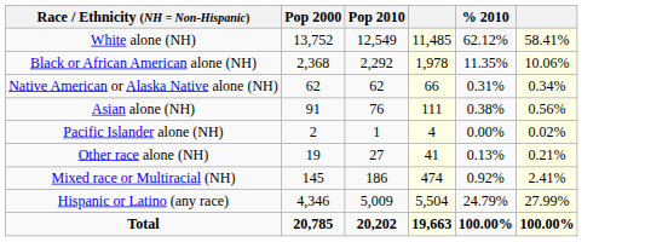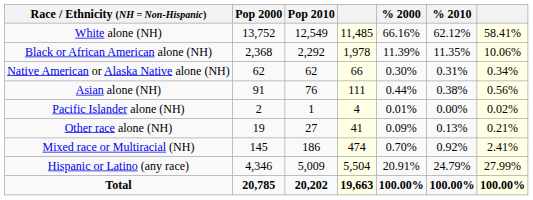 <table class="wikitable" style="text-align:center;">
 <tr>
 <th>Race / Ethnicity <small>(<em>NH = Non-Hispanic</em>)</small></th>
 <th>Pop 2000</th>
 <th>Pop 2010</th>
 <th></th>
+<th>% 2000</th>
 <th>% 2010</th>
 <th></th>
 </tr>
 <tr>
 <td><a href='#'>White</a> alone (NH)</td>
 <td>13,752</td>
 <td>12,549</td>
 <td style='background: #ffffe6;'>11,485</td>
+<td>66.16%</td>
 <td>62.12%</td>
 <td style='background: #ffffe6;'>58.41%</td>
 </tr>
 <tr>
 <td><a href='#'>Black or African American</a> alone (NH)</td>
 <td>2,368</td>
 <td>2,292</td>
 <td style='background: #ffffe6;'>1,978</td>
+<td>11.39%</td>
 <td>11.35%</td>
 <td style='background: #ffffe6;'>10.06%</td>
 </tr>
 <tr>
 <td><a href='#'>Native American</a> or <a href='#'>Alaska Native</a> alone (NH)</td>
 <td>62</td>
 <td>62</td>
 <td style='background: #ffffe6;'>66</td>
+<td>0.30%</td>
 <td>0.31%</td>
 <td style='background: #ffffe6;'>0.34%</td>
 </tr>
 <tr>
 <td><a href='#'>Asian</a> alone (NH)</td>
 <td>91</td>
 <td>76</td>
 <td style='background: #ffffe6;'>111</td>
+<td>0.44%</td>
 <td>0.38%</td>
 <td style='background: #ffffe6;'>0.56%</td>
 </tr>
 <tr>
 <td><a href='#'>Pacific Islander</a> alone (NH)</td>
 <td>2</td>
 <td>1</td>
 <td style='background: #ffffe6;'>4</td>
+<td>0.01%</td>
 <td>0.00%</td>
 <td style='background: #ffffe6;'>0.02%</td>
 </tr>
 <tr>
 <td><a href='#'>Other race</a> alone (NH)</td>
 <td>19</td>
 <td>27</td>
 <td style='background: #ffffe6;'>41</td>
+<td>0.09%</td>
 <td>0.13%</td>
 <td style='background: #ffffe6;'>0.21%</td>
 </tr>
 <tr>
 <td><a href='#'>Mixed race or Multiracial</a> (NH)</td>
 <td>145</td>
 <td>186</td>
 <td style='background: #ffffe6;'>474</td>
+<td>0.70%</td>
 <td>0.92%</td>
 <td style='background: #ffffe6;'>2.41%</td>
 </tr>
 <tr>
 <td><a href='#'>Hispanic or Latino</a> (any race)</td>
 <td>4,346</td>
 <td>5,009</td>
 <td style='background: #ffffe6;'>5,504</td>
+<td>20.91%</td>
 <td>24.79%</td>
 <td style='background: #ffffe6;'>27.99%</td>
 </tr>
 <tr>
 <td><strong>Total</strong></td>
 <td><strong>20,785</strong></td>
 <td><strong>20,202</strong></td>
 <td style='background: #ffffe6;'><strong>19,663</strong></td>
 <td><strong>100.00%</strong></td>
+<td><strong>100.00%</strong></td>
 <td style='background: #ffffe6;'><strong>100.00%</strong></td>
 </tr>
 </table>
